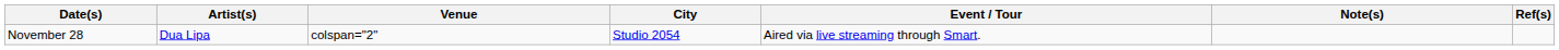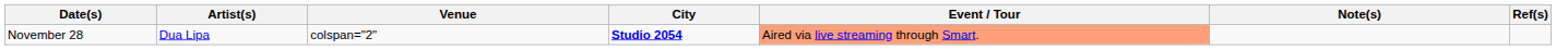 <table class="wikitable sortable" style="font-size: 100%; width=100%;" style="text-align:center;">
 <tr>
 <th class="unsortable" style="width: 10%;" scope="col">Date(s)</th>
 <th style="width: 10%;" scope="col">Artist(s)</th>
 <th style="width: 20%;" scope="col">Venue</th>
 <th style="width: 10%;" scope="col">City</th>
 <th style="width: 30%;" scope="col">Event / Tour</th>
 <th style="width: 30%;" scope="col">Note(s)</th>
 <th style="width: 1%;" scope="col">Ref(s)</th>
 </tr>
 <tr>
 <td>November 28</td>
 <td><a href='#'>Dua Lipa</a></td>
 <td>colspan="2" </td>
-<td><a href='#'>Studio 2054</a></td>
-<td>Aired via <a href='#'>live streaming</a> through <a href='#'>Smart</a>.</td>
+<td><strong><a href='#'>Studio 2054</a></strong></td>
+<td style="background: lightsalmon;">Aired via <a href='#'>live streaming</a> through <a href='#'>Smart</a>.</td>
 <td></td>
 </tr>
 </table>
